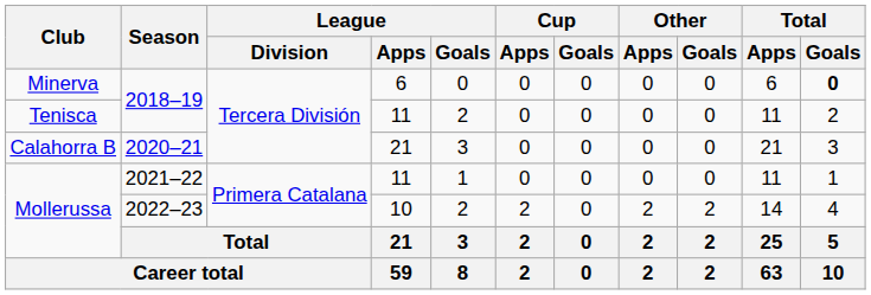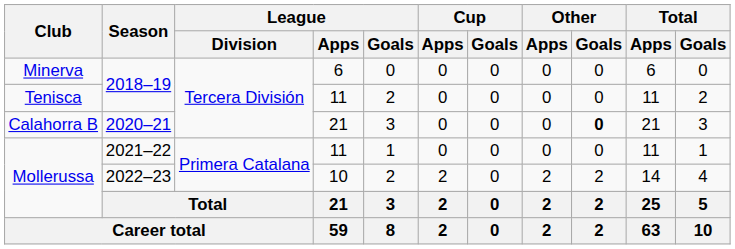 <table class="wikitable" style="text-align: center">
 <tr>
 <th rowspan="2">Club</th>
 <th rowspan="2">Season</th>
 <th colspan="3">League</th>
 <th colspan="2">Cup</th>
 <th colspan="2">Other</th>
 <th colspan="2">Total</th>
 </tr>
 <tr>
 <th>Division</th>
 <th>Apps</th>
 <th>Goals</th>
 <th>Apps</th>
 <th>Goals</th>
 <th>Apps</th>
 <th>Goals</th>
 <th>Apps</th>
 <th>Goals</th>
 </tr>
 <tr>
 <td><a href='#'>Minerva</a></td>
 <td rowspan="2"><a href='#'>2018–19</a></td>
 <td rowspan="3"><a href='#'>Tercera División</a></td>
 <td>6</td>
 <td>0</td>
 <td>0</td>
 <td>0</td>
 <td>0</td>
 <td>0</td>
 <td>6</td>
-<td><strong>0</strong></td>
+<td>0</td>
 </tr>
 <tr>
 <td><a href='#'>Tenisca</a></td>
 <td>11</td>
 <td>2</td>
 <td>0</td>
 <td>0</td>
 <td>0</td>
 <td>0</td>
 <td>11</td>
 <td>2</td>
 </tr>
 <tr>
 <td><a href='#'>Calahorra B</a></td>
 <td><a href='#'>2020–21</a></td>
 <td>21</td>
 <td>3</td>
 <td>0</td>
 <td>0</td>
 <td>0</td>
-<td>0</td>
+<td><strong>0</strong></td>
 <td>21</td>
 <td>3</td>
 </tr>
 <tr>
 <td rowspan="3"><a href='#'>Mollerussa</a></td>
 <td>2021–22</td>
 <td rowspan="2"><a href='#'>Primera Catalana</a></td>
 <td>11</td>
 <td>1</td>
 <td>0</td>
 <td>0</td>
 <td>0</td>
 <td>0</td>
 <td>11</td>
 <td>1</td>
 </tr>
 <tr>
 <td>2022–23</td>
 <td>10</td>
 <td>2</td>
 <td>2</td>
 <td>0</td>
 <td>2</td>
 <td>2</td>
 <td>14</td>
 <td>4</td>
 </tr>
 <tr>
 <th colspan="2"><strong>Total</strong></th>
 <th>21</th>
 <th>3</th>
 <th>2</th>
 <th>0</th>
 <th>2</th>
 <th>2</th>
 <th>25</th>
 <th>5</th>
 </tr>
 <tr>
 <th colspan="3"><strong>Career total</strong></th>
 <th>59</th>
 <th>8</th>
 <th>2</th>
 <th>0</th>
 <th>2</th>
 <th>2</th>
 <th>63</th>
 <th>10</th>
 </tr>
 </table>
